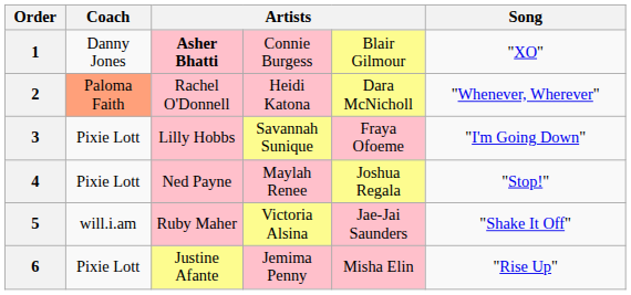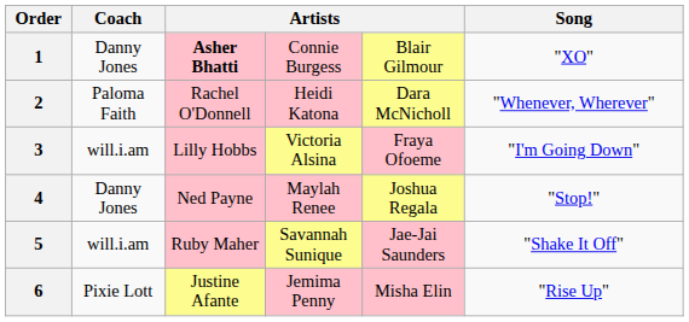 <table class="wikitable" style="text-align:center; width:100%;”">
 <tr>
 <th style="width:05%;">Order</th>
 <th style="width:10%;">Coach</th>
 <th style="width:26%;" colspan="3">Artists</th>
 <th style="width:24%;">Song</th>
 </tr>
 <tr>
 <th scope="col">1</th>
 <td>Danny Jones</td>
 <td style="background:pink;text-align:center;"><strong>Asher Bhatti</strong></td>
 <td style="background:pink;text-align:center;">Connie Burgess</td>
 <td style="background:#fdfc8f;text-align:center;">Blair Gilmour</td>
 <td>"<a href='#'>XO</a>"</td>
 </tr>
 <tr>
 <th scope="col">2</th>
-<td style="background: lightsalmon;">Paloma Faith</td>
+<td>Paloma Faith</td>
 <td style="background:pink;text-align:center;">Rachel O'Donnell</td>
 <td style="background:pink;text-align:center;">Heidi Katona</td>
 <td style="background:#fdfc8f;text-align:center;">Dara McNicholl</td>
 <td>"<a href='#'>Whenever, Wherever</a>"</td>
 </tr>
 <tr>
 <th scope="col">3</th>
-<td>Pixie Lott</td>
+<td>will.i.am</td>
 <td style="background:pink;text-align:center;">Lilly Hobbs</td>
-<td style="background:#fdfc8f;text-align:center;">Savannah Sunique</td>
+<td style="background:#fdfc8f;text-align:center;">Victoria Alsina</td>
 <td style="background:pink;text-align:center;">Fraya Ofoeme</td>
 <td>"<a href='#'>I'm Going Down</a>"</td>
 </tr>
 <tr>
 <th scope="col">4</th>
-<td>Pixie Lott</td>
+<td>Danny Jones</td>
 <td style="background:pink;text-align:center;">Ned Payne</td>
 <td style="background:pink;text-align:center;">Maylah Renee</td>
 <td style="background:#fdfc8f;text-align:center;">Joshua Regala</td>
 <td>"<a href='#'>Stop!</a>"</td>
 </tr>
 <tr>
 <th scope="col">5</th>
 <td>will.i.am</td>
 <td style="background:pink;text-align:center;">Ruby Maher</td>
-<td style="background:#fdfc8f;text-align:center;">Victoria Alsina</td>
+<td style="background:#fdfc8f;text-align:center;">Savannah Sunique</td>
 <td style="background:pink;text-align:center;">Jae-Jai Saunders</td>
 <td>"<a href='#'>Shake It Off</a>"</td>
 </tr>
 <tr>
 <th scope="col">6</th>
 <td>Pixie Lott</td>
 <td style="background:#fdfc8f;text-align:center;">Justine Afante</td>
 <td style="background:pink;text-align:center;">Jemima Penny</td>
 <td style="background:pink;text-align:center;">Misha Elin</td>
 <td>"<a href='#'>Rise Up</a>"</td>
 </tr>
 </table>
